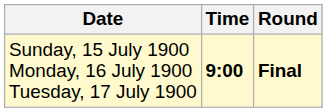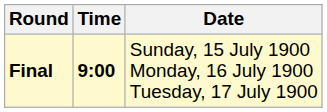 <table class="wikitable">
 <tr>
+<th>Round</th>
+<th>Time</th>
 <th>Date</th>
-<th>Time</th>
-<th>Round</th>
 </tr>
 <tr style=background:lemonchiffon>
+<td><strong>Final</strong></td>
+<td><strong>9:00</strong></td>
 <td>Sunday, 15 July 1900<br>Monday, 16 July 1900<br>Tuesday, 17 July 1900</td>
-<td><strong>9:00</strong></td>
-<td><strong>Final</strong></td>
 </tr>
 </table>
